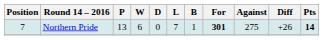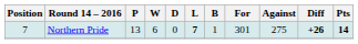 <table class="wikitable" style="text-align:center; font-size:85%;">
 <tr>
 <th width=40 abbr="Position">Position</th>
 <th width=100>Round 14 – 2016</th>
 <th width=20 abbr="Played">P</th>
 <th width=20 abbr="Won">W</th>
 <th width=20 abbr="Drawn">D</th>
 <th width=20 abbr="Lost">L</th>
 <th width=20 abbr="Bye">B</th>
 <th width=40 abbr="Points for">For</th>
 <th width=40 abbr="Points against">Against</th>
 <th width=40 abbr="Points difference">Diff</th>
 <th width=20 abbr="Points">Pts</th>
 </tr>
 <tr style="background: #d7ebed;">
 <td>7</td>
 <td style="text-align:left;"> <a href='#'>Northern Pride</a></td>
 <td>13</td>
 <td>6</td>
 <td>0</td>
-<td>7</td>
+<td><strong>7</strong></td>
 <td>1</td>
-<td><strong>301</strong></td>
+<td>301</td>
 <td>275</td>
-<td>+26</td>
+<td><strong>+26</strong></td>
 <td><strong>14</strong></td>
 </tr>
 <tr>
 </tr>
 </table>
